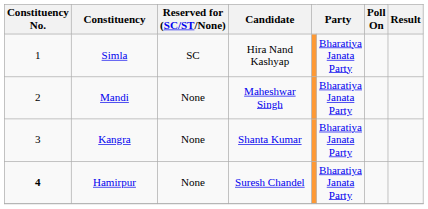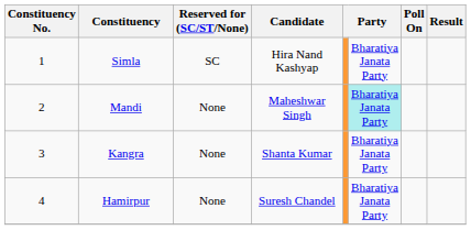 <table class="wikitable sortable" style="text-align:center">
 <tr>
 <th>Constituency No.</th>
 <th style="width:180px;">Constituency</th>
 <th>Reserved for<br>(<a href='#'>SC/ST</a>/None)</th>
 <th style="width:200px;">Candidate</th>
 <th colspan="2">Party</th>
 <th>Poll On</th>
 <th>Result</th>
 </tr>
 <tr>
 <td>1</td>
 <td><a href='#'>Simla</a></td>
 <td>SC</td>
 <td>Hira Nand Kashyap</td>
 <td bgcolor=#FF9933></td>
 <td><a href='#'>Bharatiya Janata Party</a></td>
 <td></td>
 <td></td>
 </tr>
 <tr>
 <td>2</td>
 <td><a href='#'>Mandi</a></td>
 <td>None</td>
 <td><a href='#'>Maheshwar Singh</a></td>
 <td bgcolor=#FF9933></td>
-<td><a href='#'>Bharatiya Janata Party</a></td>
+<td style="background: paleturquoise;"><a href='#'>Bharatiya Janata Party</a></td>
 <td></td>
 <td></td>
 </tr>
 <tr>
 <td>3</td>
 <td><a href='#'>Kangra</a></td>
 <td>None</td>
 <td><a href='#'>Shanta Kumar</a></td>
 <td bgcolor=#FF9933></td>
 <td><a href='#'>Bharatiya Janata Party</a></td>
 <td></td>
 <td></td>
 </tr>
 <tr>
-<td><strong>4</strong></td>
+<td>4</td>
 <td><a href='#'>Hamirpur</a></td>
 <td>None</td>
 <td><a href='#'>Suresh Chandel</a></td>
 <td bgcolor=#FF9933></td>
 <td><a href='#'>Bharatiya Janata Party</a></td>
 <td></td>
 <td></td>
 </tr>
 <tr>
 </tr>
 </table>
